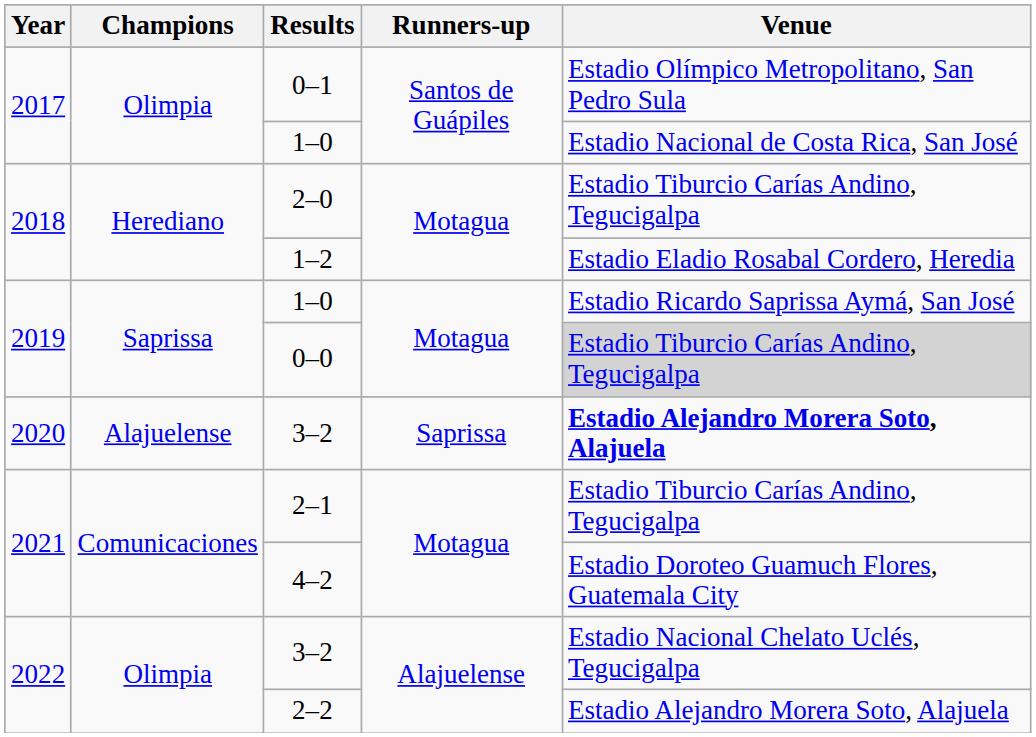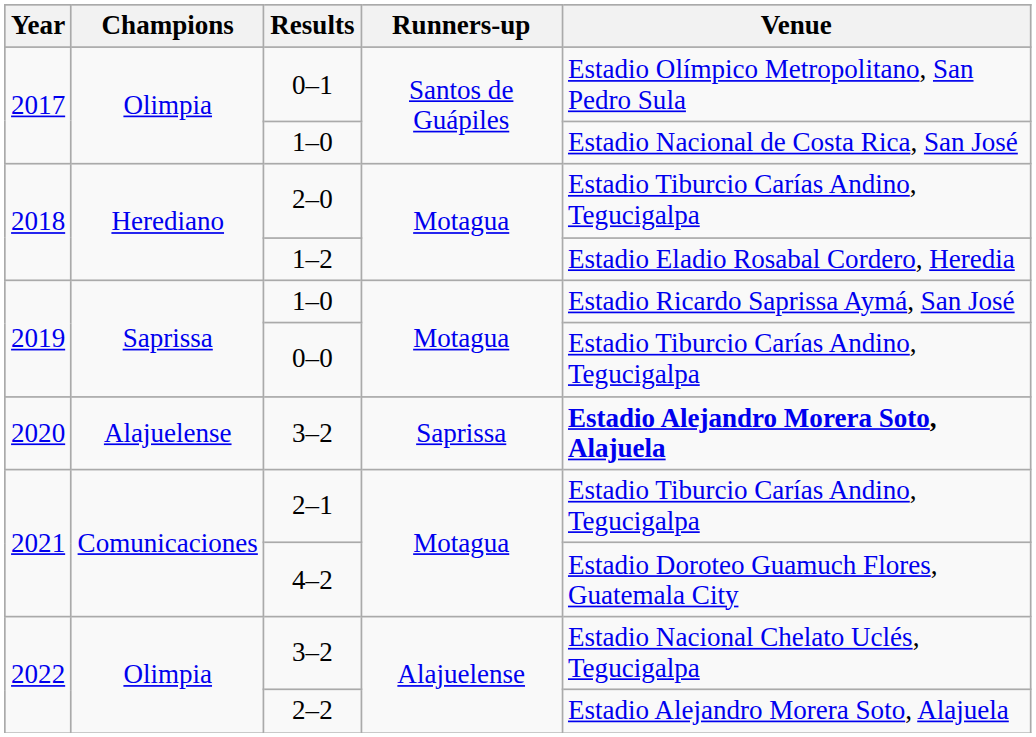 <table class="wikitable" style="text-align: center;">
 <tr>
 <th>Year</th>
 <th>Champions</th>
 <th>Results</th>
 <th>Runners-up</th>
 <th>Venue</th>
 </tr>
 <tr>
 <td rowspan="2"><a href='#'>2017</a></td>
 <td rowspan="2"> <a href='#'>Olimpia</a></td>
 <td>0–1</td>
 <td rowspan="2"> <a href='#'>Santos de Guápiles</a></td>
 <td style="text-align: left;"> <a href='#'>Estadio Olímpico Metropolitano</a>, <a href='#'>San Pedro Sula</a></td>
 </tr>
 <tr>
 <td>1–0<br><small></small></td>
 <td style="text-align: left;"> <a href='#'>Estadio Nacional de Costa Rica</a>, <a href='#'>San José</a></td>
 </tr>
 <tr>
 <td rowspan="2"><a href='#'>2018</a></td>
 <td rowspan="2"> <a href='#'>Herediano</a></td>
 <td>2–0</td>
 <td rowspan="2"> <a href='#'>Motagua</a></td>
 <td style="text-align: left;"> <a href='#'>Estadio Tiburcio Carías Andino</a>, <a href='#'>Tegucigalpa</a></td>
 </tr>
 <tr>
 <td>1–2</td>
 <td style="text-align: left;"> <a href='#'>Estadio Eladio Rosabal Cordero</a>, <a href='#'>Heredia</a></td>
 </tr>
 <tr>
 <td rowspan="2"><a href='#'>2019</a></td>
 <td rowspan="2"> <a href='#'>Saprissa</a></td>
 <td>1–0</td>
 <td rowspan="2"> <a href='#'>Motagua</a></td>
 <td style="text-align: left;"> <a href='#'>Estadio Ricardo Saprissa Aymá</a>, <a href='#'>San José</a></td>
 </tr>
 <tr>
 <td>0–0</td>
-<td style="background: lightgrey; text-align: left;"> <a href='#'>Estadio Tiburcio Carías Andino</a>, <a href='#'>Tegucigalpa</a></td>
+<td style="text-align: left;"> <a href='#'>Estadio Tiburcio Carías Andino</a>, <a href='#'>Tegucigalpa</a></td>
 </tr>
 <tr>
 <td><a href='#'>2020</a></td>
 <td> <a href='#'>Alajuelense</a></td>
 <td>3–2</td>
 <td> <a href='#'>Saprissa</a></td>
 <td style="text-align: left;"><strong> <a href='#'>Estadio Alejandro Morera Soto</a>, <a href='#'>Alajuela</a></strong></td>
 </tr>
 <tr>
 <td rowspan="2"><a href='#'>2021</a></td>
 <td rowspan="2"> <a href='#'>Comunicaciones</a></td>
 <td>2–1</td>
 <td rowspan="2"> <a href='#'>Motagua</a></td>
 <td style="text-align: left;"> <a href='#'>Estadio Tiburcio Carías Andino</a>, <a href='#'>Tegucigalpa</a></td>
 </tr>
 <tr>
 <td>4–2</td>
 <td style="text-align: left;"> <a href='#'>Estadio Doroteo Guamuch Flores</a>, <a href='#'>Guatemala City</a></td>
 </tr>
 <tr>
 <td rowspan="2"><a href='#'>2022</a></td>
 <td rowspan="2"> <a href='#'>Olimpia</a></td>
 <td>3–2</td>
 <td rowspan="2"> <a href='#'>Alajuelense</a></td>
 <td style="text-align: left;"> <a href='#'>Estadio Nacional Chelato Uclés</a>, <a href='#'>Tegucigalpa</a></td>
 </tr>
 <tr>
 <td>2–2</td>
 <td style="text-align: left;"> <a href='#'>Estadio Alejandro Morera Soto</a>, <a href='#'>Alajuela</a></td>
 </tr>
 </table>
